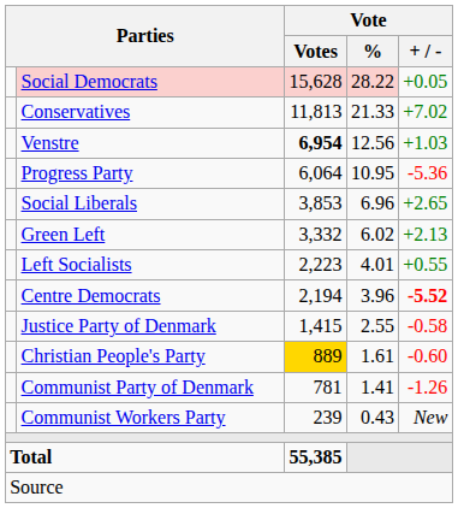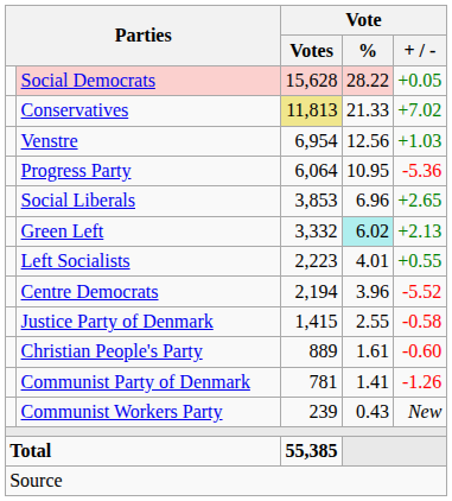 <table class="wikitable" style="text-align:right;">
 <tr>
 <th style="text-align:centre;" rowspan="2" colspan="2" width="225">Parties</th>
 <th colspan="3">Vote</th>
 </tr>
 <tr>
 <th width="15">Votes</th>
 <th width="15">%</th>
 <th width="15">+ / -</th>
 </tr>
 <tr>
 <td width="2" style="color:inherit;background:"></td>
 <td bgcolor=#fbd0ce  align="left"><a href='#'>Social Democrats</a></td>
 <td bgcolor=#fbd0ce>15,628</td>
 <td bgcolor=#fbd0ce>28.22</td>
 <td style=color:green;>+0.05</td>
 </tr>
 <tr>
 <td width="2" style="color:inherit;background:"></td>
 <td align="left"><a href='#'>Conservatives</a></td>
-<td>11,813</td>
+<td style="background: khaki;">11,813</td>
 <td>21.33</td>
 <td style=color:green;>+7.02</td>
 </tr>
 <tr>
 <td width="2" style="color:inherit;background:"></td>
 <td align="left"><a href='#'>Venstre</a></td>
-<td><strong>6,954</strong></td>
+<td>6,954</td>
 <td>12.56</td>
 <td style=color:green;>+1.03</td>
 </tr>
 <tr>
 <td width="2" style="color:inherit;background:"></td>
 <td align="left"><a href='#'>Progress Party</a></td>
 <td>6,064</td>
 <td>10.95</td>
 <td style=color:red;>-5.36</td>
 </tr>
 <tr>
 <td width="2" style="color:inherit;background:"></td>
 <td align="left"><a href='#'>Social Liberals</a></td>
 <td>3,853</td>
 <td>6.96</td>
 <td style=color:green;>+2.65</td>
 </tr>
 <tr>
 <td width="2" style="color:inherit;background:"></td>
 <td align="left"><a href='#'>Green Left</a></td>
 <td>3,332</td>
-<td>6.02</td>
+<td style="background: paleturquoise;">6.02</td>
 <td style=color:green;>+2.13</td>
 </tr>
 <tr>
 <td width="2" style="color:inherit;background:"></td>
 <td align="left"><a href='#'>Left Socialists</a></td>
 <td>2,223</td>
 <td>4.01</td>
 <td style=color:green;>+0.55</td>
 </tr>
 <tr>
 <td width="2" style="color:inherit;background:"></td>
 <td align="left"><a href='#'>Centre Democrats</a></td>
 <td>2,194</td>
 <td>3.96</td>
-<td style=color:red;><strong>-5.52</strong></td>
+<td style=color:red;>-5.52</td>
 </tr>
 <tr>
 <td width="2" style="color:inherit;background:"></td>
 <td align="left"><a href='#'>Justice Party of Denmark</a></td>
 <td>1,415</td>
 <td>2.55</td>
 <td style=color:red;>-0.58</td>
 </tr>
 <tr>
 <td width="2" style="color:inherit;background:"></td>
 <td align="left"><a href='#'>Christian People's Party</a></td>
-<td style="background: gold;">889</td>
+<td>889</td>
 <td>1.61</td>
 <td style=color:red;>-0.60</td>
 </tr>
 <tr>
 <td width="2" style="color:inherit;background:"></td>
 <td align="left"><a href='#'>Communist Party of Denmark</a></td>
 <td>781</td>
 <td>1.41</td>
 <td style=color:red;>-1.26</td>
 </tr>
 <tr>
 <td width="2" style="color:inherit;background:"></td>
 <td align="left"><a href='#'>Communist Workers Party</a></td>
 <td>239</td>
 <td>0.43</td>
 <td><em>New</em></td>
 </tr>
 <tr>
 <td colspan="7" bgcolor="#E9E9E9"></td>
 </tr>
 <tr>
 <td align="left" colspan="2"><strong>Total</strong></td>
 <td><strong>55,385</strong></td>
 <td bgcolor="#E9E9E9" colspan="2"></td>
 </tr>
 <tr>
 <td align="left" colspan="6">Source</td>
 </tr>
 </table>
